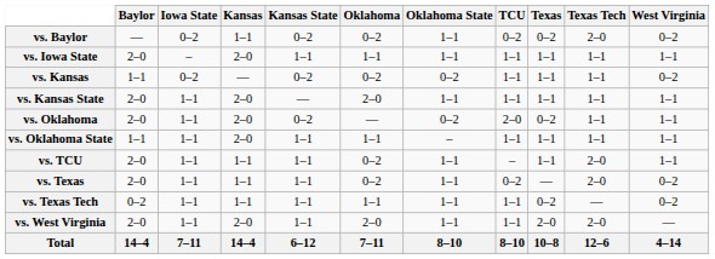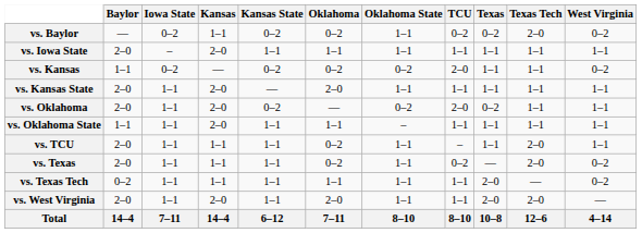 <table class="wikitable" style="white-space:nowrap;font-size:90%;">
 <tr>
 <th colspan="1" style="background:white; border-top-style:hidden; border-left-style:hidden;" width="75"> </th>
 <th>Baylor</th>
 <th>Iowa State</th>
 <th>Kansas</th>
 <th>Kansas State</th>
 <th>Oklahoma</th>
 <th>Oklahoma State</th>
 <th>TCU</th>
 <th>Texas</th>
 <th>Texas Tech</th>
 <th>West Virginia</th>
 </tr>
 <tr style="text-align:center;">
 <th>vs. Baylor</th>
 <td>—</td>
 <td>0–2</td>
 <td>1–1</td>
 <td>0–2</td>
 <td>0–2</td>
 <td>1–1</td>
 <td>0–2</td>
 <td>0–2</td>
 <td>2–0</td>
 <td>0–2</td>
 </tr>
 <tr style="text-align:center;">
 <th>vs. Iowa State</th>
 <td>2–0</td>
 <td>–</td>
 <td>2–0</td>
 <td>1–1</td>
 <td>1–1</td>
 <td>1–1</td>
 <td>1–1</td>
 <td>1–1</td>
 <td>1–1</td>
 <td>1–1</td>
 </tr>
 <tr style="text-align:center;">
 <th>vs. Kansas</th>
 <td>1–1</td>
 <td>0–2</td>
 <td>—</td>
 <td>0–2</td>
 <td>0–2</td>
 <td>0–2</td>
-<td>1–1</td>
+<td>2–0</td>
 <td>1–1</td>
 <td>1–1</td>
 <td>0–2</td>
 </tr>
 <tr style="text-align:center;">
 <th>vs. Kansas State</th>
 <td>2–0</td>
 <td>1–1</td>
 <td>2–0</td>
 <td>—</td>
 <td>2–0</td>
 <td>1–1</td>
 <td>1–1</td>
 <td>1–1</td>
 <td>1–1</td>
 <td>1–1</td>
 </tr>
 <tr style="text-align:center;">
 <th>vs. Oklahoma</th>
 <td>2–0</td>
 <td>1–1</td>
 <td>2–0</td>
 <td>0–2</td>
 <td>—</td>
 <td>0–2</td>
 <td>2–0</td>
 <td>0–2</td>
 <td>1–1</td>
 <td>1–1</td>
 </tr>
 <tr style="text-align:center;">
 <th>vs. Oklahoma State</th>
 <td>1–1</td>
 <td>1–1</td>
 <td>2–0</td>
 <td>1–1</td>
 <td>1–1</td>
 <td>–</td>
 <td>1–1</td>
 <td>1–1</td>
 <td>1–1</td>
 <td>1–1</td>
 </tr>
 <tr style="text-align:center;">
 <th>vs. TCU</th>
 <td>2–0</td>
 <td>1–1</td>
 <td>1–1</td>
 <td>1–1</td>
 <td>0–2</td>
 <td>1–1</td>
 <td>–</td>
 <td>1–1</td>
 <td>2–0</td>
 <td>1–1</td>
 </tr>
 <tr style="text-align:center;">
 <th>vs. Texas</th>
 <td>2–0</td>
 <td>1–1</td>
 <td>1–1</td>
 <td>1–1</td>
 <td>0–2</td>
 <td>1–1</td>
 <td>0–2</td>
 <td>—</td>
 <td>2–0</td>
 <td>0–2</td>
 </tr>
 <tr style="text-align:center;">
 <th>vs. Texas Tech</th>
 <td>0–2</td>
 <td>1–1</td>
 <td>1–1</td>
 <td>1–1</td>
 <td>1–1</td>
 <td>1–1</td>
 <td>1–1</td>
-<td>0–2</td>
+<td>2–0</td>
 <td>—</td>
 <td>0–2</td>
 </tr>
 <tr style="text-align:center;">
 <th>vs. West Virginia</th>
 <td>2–0</td>
 <td>1–1</td>
 <td>2–0</td>
 <td>1–1</td>
 <td>2–0</td>
 <td>1–1</td>
 <td>1–1</td>
 <td>2–0</td>
 <td>2–0</td>
 <td>—<br></td>
 </tr>
 <tr style="text-align:center;">
 <th>Total</th>
 <th>14–4</th>
 <th>7–11</th>
 <th>14–4</th>
 <th>6–12</th>
 <th>7–11</th>
 <th>8–10</th>
 <th>8–10</th>
 <th>10–8</th>
 <th>12–6</th>
 <th>4–14</th>
 </tr>
 </table>
